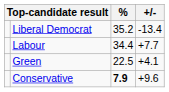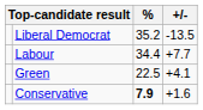 <table class="wikitable">
 <tr>
 <th colspan="2">Top-candidate result</th>
 <th>%</th>
 <th>+/-</th>
 </tr>
 <tr>
 <td style="background-color: "></td>
 <td><a href='#'>Liberal Democrat</a></td>
 <td>35.2</td>
-<td>-13.4</td>
+<td>-13.5</td>
 </tr>
 <tr>
 <td style="background-color: "></td>
 <td><a href='#'>Labour</a></td>
 <td>34.4</td>
 <td>+7.7</td>
 </tr>
 <tr>
 <td style="background-color: "></td>
 <td><a href='#'>Green</a></td>
 <td>22.5</td>
 <td>+4.1</td>
 </tr>
 <tr>
 <td style="background-color: "></td>
 <td><a href='#'>Conservative</a></td>
 <td><strong>7.9</strong></td>
-<td>+9.6</td>
+<td>+1.6</td>
 </tr>
 </table>
